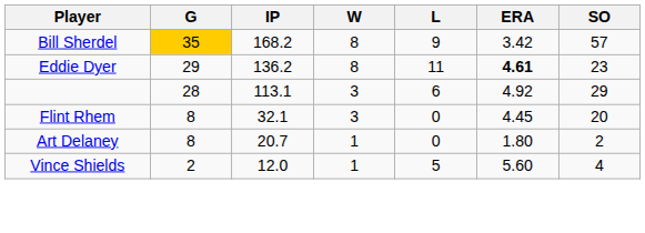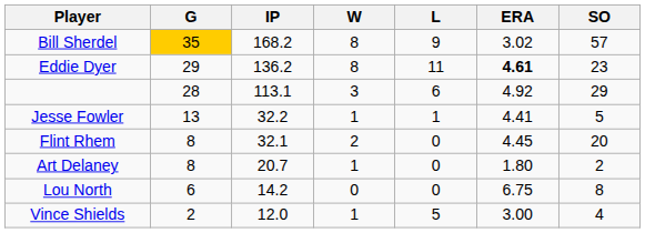 <table class="wikitable sortable">
 <tr>
 <th bgcolor="#DDDDFF" width="16%">Player</th>
 <th bgcolor="#DDDDFF" width="9%">G</th>
 <th bgcolor="#DDDDFF" width="9%">IP</th>
 <th bgcolor="#DDDDFF" width="9%">W</th>
 <th bgcolor="#DDDDFF" width="9%">L</th>
 <th bgcolor="#DDDDFF" width="9%">ERA</th>
 <th bgcolor="#DDDDFF" width="9%">SO</th>
 </tr>
 <tr align="center">
 <td><a href='#'>Bill Sherdel</a></td>
 <td style="background:#fc0;">35</td>
 <td>168.2</td>
 <td>8</td>
 <td>9</td>
-<td>3.42</td>
+<td>3.02</td>
 <td>57</td>
 </tr>
 <tr align=center>
 <td><a href='#'>Eddie Dyer</a></td>
 <td>29</td>
 <td>136.2</td>
 <td>8</td>
 <td>11</td>
 <td><strong>4.61</strong></td>
 <td>23</td>
 </tr>
 <tr align=center>
 <td></td>
 <td>28</td>
 <td>113.1</td>
 <td>3</td>
 <td>6</td>
 <td>4.92</td>
 <td>29</td>
 </tr>
+<tr align="center">
+<td><a href='#'>Jesse Fowler</a></td>
+<td>13</td>
+<td>32.2</td>
+<td>1</td>
+<td>1</td>
+<td>4.41</td>
+<td>5</td>
+</tr>
 <tr align=center>
 <td><a href='#'>Flint Rhem</a></td>
 <td>8</td>
 <td>32.1</td>
-<td>3</td>
+<td>2</td>
 <td>0</td>
 <td>4.45</td>
 <td>20</td>
 </tr>
 <tr align=center>
 <td><a href='#'>Art Delaney</a></td>
 <td>8</td>
 <td>20.7</td>
 <td>1</td>
 <td>0</td>
 <td>1.80</td>
 <td>2</td>
 </tr>
 <tr align=center>
+<td><a href='#'>Lou North</a></td>
+<td>6</td>
+<td>14.2</td>
+<td>0</td>
+<td>0</td>
+<td>6.75</td>
+<td>8</td>
+</tr>
+<tr align=center>
 <td><a href='#'>Vince Shields</a></td>
 <td>2</td>
 <td>12.0</td>
 <td>1</td>
 <td>5</td>
-<td>5.60</td>
+<td>3.00</td>
 <td>4</td>
 </tr>
 </table>
